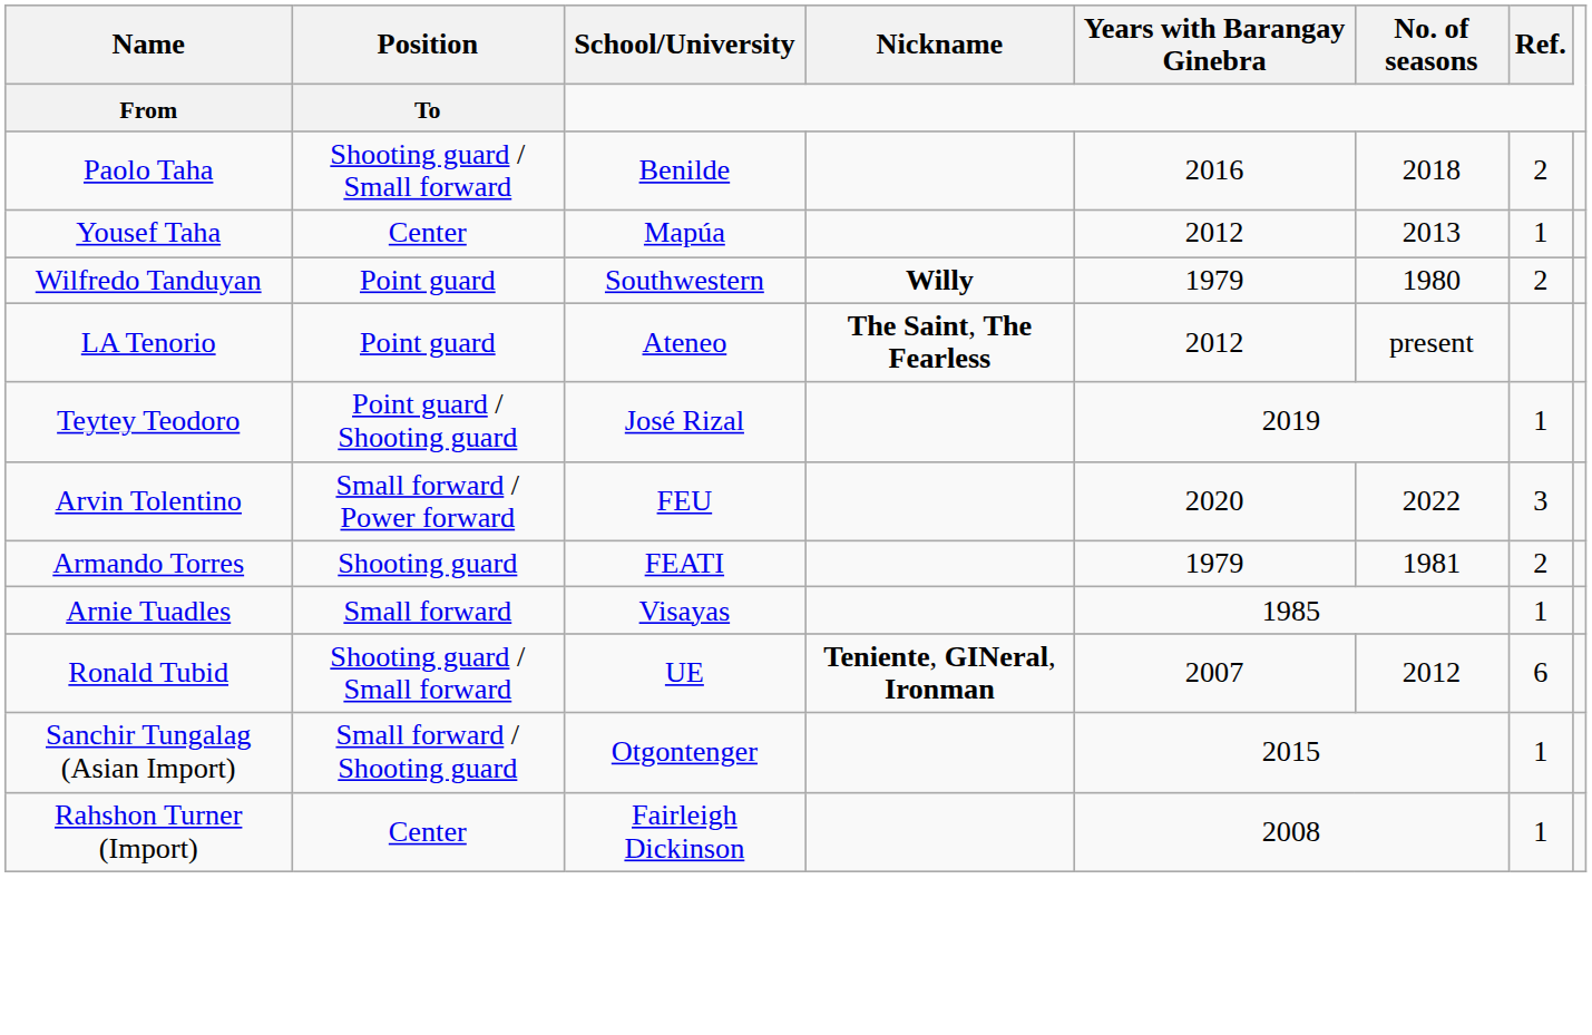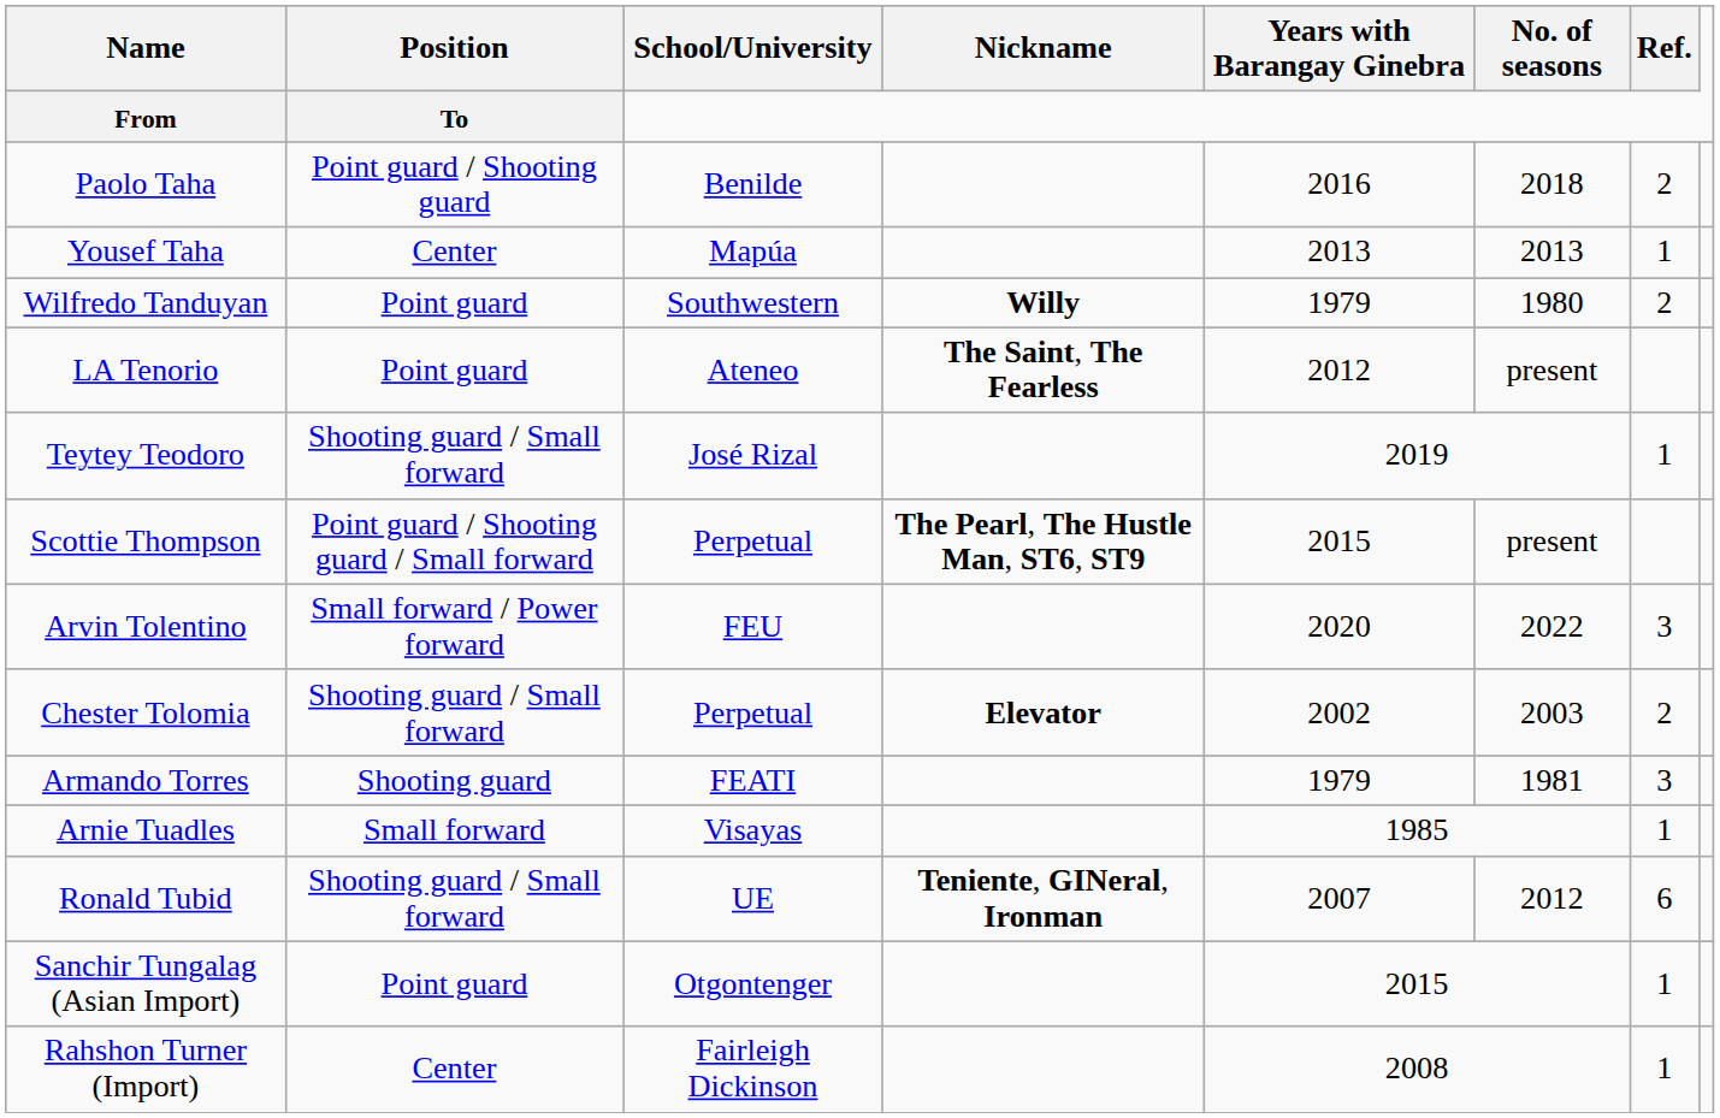 <table class="wikitable sortable" style="text-align:center" width="98%">
 <tr>
 <th>Name</th>
 <th>Position</th>
 <th>School/University</th>
 <th>Nickname</th>
 <th>Years with Barangay Ginebra</th>
 <th>No. of seasons</th>
 <th>Ref.</th>
 </tr>
 <tr>
 <th><small>From</small></th>
 <th><small>To</small></th>
 </tr>
 <tr>
 <td><a href='#'>Paolo Taha</a></td>
-<td><a href='#'>Shooting guard</a> / <a href='#'>Small forward</a></td>
+<td><a href='#'>Point guard</a> / <a href='#'>Shooting guard</a></td>
 <td><a href='#'>Benilde</a></td>
 <td></td>
 <td>2016</td>
 <td>2018</td>
 <td>2</td>
 <td></td>
 </tr>
 <tr>
 <td><a href='#'>Yousef Taha</a></td>
 <td><a href='#'>Center</a></td>
 <td><a href='#'>Mapúa</a></td>
 <td></td>
-<td>2012</td>
+<td>2013</td>
 <td>2013</td>
 <td>1</td>
 <td></td>
 </tr>
 <tr>
 <td><a href='#'>Wilfredo Tanduyan</a></td>
 <td><a href='#'>Point guard</a></td>
 <td><a href='#'>Southwestern</a></td>
 <td><strong>Willy</strong></td>
 <td>1979</td>
 <td>1980</td>
 <td>2</td>
 <td></td>
 </tr>
 <tr>
 <td><a href='#'>LA Tenorio</a></td>
 <td><a href='#'>Point guard</a></td>
 <td><a href='#'>Ateneo</a></td>
 <td><strong>The Saint</strong>, <strong>The Fearless</strong></td>
 <td>2012</td>
 <td>present</td>
 <td></td>
 <td></td>
 </tr>
 <tr>
 <td><a href='#'>Teytey Teodoro</a></td>
-<td><a href='#'>Point guard</a> / <a href='#'>Shooting guard</a></td>
+<td><a href='#'>Shooting guard</a> / <a href='#'>Small forward</a></td>
 <td><a href='#'>José Rizal</a></td>
 <td></td>
 <td colspan="2">2019</td>
 <td>1</td>
+<td></td>
+</tr>
+<tr>
+<td><a href='#'>Scottie Thompson</a></td>
+<td><a href='#'>Point guard</a> / <a href='#'>Shooting guard</a> / <a href='#'>Small forward</a></td>
+<td><a href='#'>Perpetual</a></td>
+<td><strong>The Pearl</strong>, <strong>The Hustle Man</strong>, <strong>ST6</strong>, <strong>ST9</strong></td>
+<td>2015</td>
+<td>present</td>
+<td></td>
 <td></td>
 </tr>
 <tr>
 <td><a href='#'>Arvin Tolentino</a></td>
 <td><a href='#'>Small forward</a> / <a href='#'>Power forward</a></td>
 <td><a href='#'>FEU</a></td>
 <td></td>
 <td>2020</td>
 <td>2022</td>
 <td>3</td>
 <td></td>
 </tr>
 <tr>
+<td><a href='#'>Chester Tolomia</a></td>
+<td><a href='#'>Shooting guard</a> / <a href='#'>Small forward</a></td>
+<td><a href='#'>Perpetual</a></td>
+<td><strong>Elevator</strong></td>
+<td>2002</td>
+<td>2003</td>
+<td>2</td>
+<td></td>
+</tr>
+<tr>
 <td><a href='#'>Armando Torres</a></td>
 <td><a href='#'>Shooting guard</a></td>
 <td><a href='#'>FEATI</a></td>
 <td></td>
 <td>1979</td>
 <td>1981</td>
-<td>2</td>
+<td>3</td>
 <td></td>
 </tr>
 <tr>
 <td><a href='#'>Arnie Tuadles</a></td>
 <td><a href='#'>Small forward</a></td>
 <td><a href='#'>Visayas</a></td>
 <td></td>
 <td colspan="2">1985</td>
 <td>1</td>
 <td></td>
 </tr>
 <tr>
 <td><a href='#'>Ronald Tubid</a></td>
 <td><a href='#'>Shooting guard</a> / <a href='#'>Small forward</a></td>
 <td><a href='#'>UE</a></td>
 <td><strong>Teniente</strong>, <strong>GINeral</strong>, <strong>Ironman</strong></td>
 <td>2007</td>
 <td>2012</td>
 <td>6</td>
 <td></td>
 </tr>
 <tr>
 <td><a href='#'>Sanchir Tungalag</a> (Asian Import)</td>
-<td><a href='#'>Small forward</a> / <a href='#'>Shooting guard</a></td>
+<td><a href='#'>Point guard</a></td>
 <td><a href='#'>Otgontenger</a></td>
 <td></td>
 <td colspan="2">2015</td>
 <td>1</td>
 <td></td>
 </tr>
 <tr>
 <td><a href='#'>Rahshon Turner</a> (Import)</td>
 <td><a href='#'>Center</a></td>
 <td><a href='#'>Fairleigh Dickinson</a></td>
 <td></td>
 <td colspan="2">2008</td>
 <td>1</td>
 <td></td>
 </tr>
 </table>
